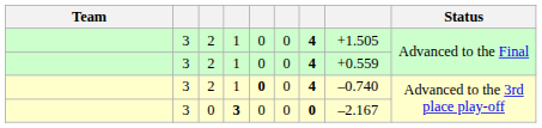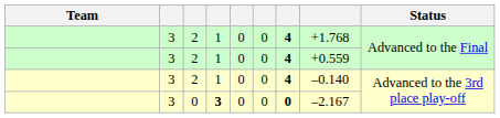 <table class="wikitable" style="text-align:center">
 <tr>
 <th style="width:175px;">Team</th>
 <th style="width:20px;"></th>
 <th style="width:20px;"></th>
 <th style="width:20px;"></th>
 <th style="width:20px;"></th>
 <th style="width:20px;"></th>
 <th style="width:20px;"></th>
 <th style="width:65px;"></th>
 <th style="width:150px;">Status</th>
 </tr>
 <tr style="background:#cfc;">
 <td style="text-align:left"></td>
 <td>3</td>
 <td>2</td>
 <td>1</td>
 <td>0</td>
 <td>0</td>
 <td><strong>4</strong></td>
-<td>+1.505</td>
+<td>+1.768</td>
 <td rowspan="2">Advanced to the <a href='#'>Final</a></td>
 </tr>
 <tr style="background:#cfc;">
 <td style="text-align:left"></td>
 <td>3</td>
 <td>2</td>
 <td>1</td>
 <td>0</td>
 <td>0</td>
 <td><strong>4</strong></td>
 <td>+0.559</td>
 </tr>
 <tr style="background:#ffc;">
 <td style="text-align:left"></td>
 <td>3</td>
 <td>2</td>
 <td>1</td>
-<td><strong>0</strong></td>
+<td>0</td>
 <td>0</td>
 <td><strong>4</strong></td>
-<td>–0.740</td>
+<td>–0.140</td>
 <td rowspan="2">Advanced to the <a href='#'>3rd place play-off</a></td>
 </tr>
 <tr style="background:#ffc;">
 <td style="text-align:left"></td>
 <td>3</td>
 <td>0</td>
 <td><strong>3</strong></td>
 <td>0</td>
 <td>0</td>
 <td><strong>0</strong></td>
 <td>–2.167</td>
 </tr>
 </table>
